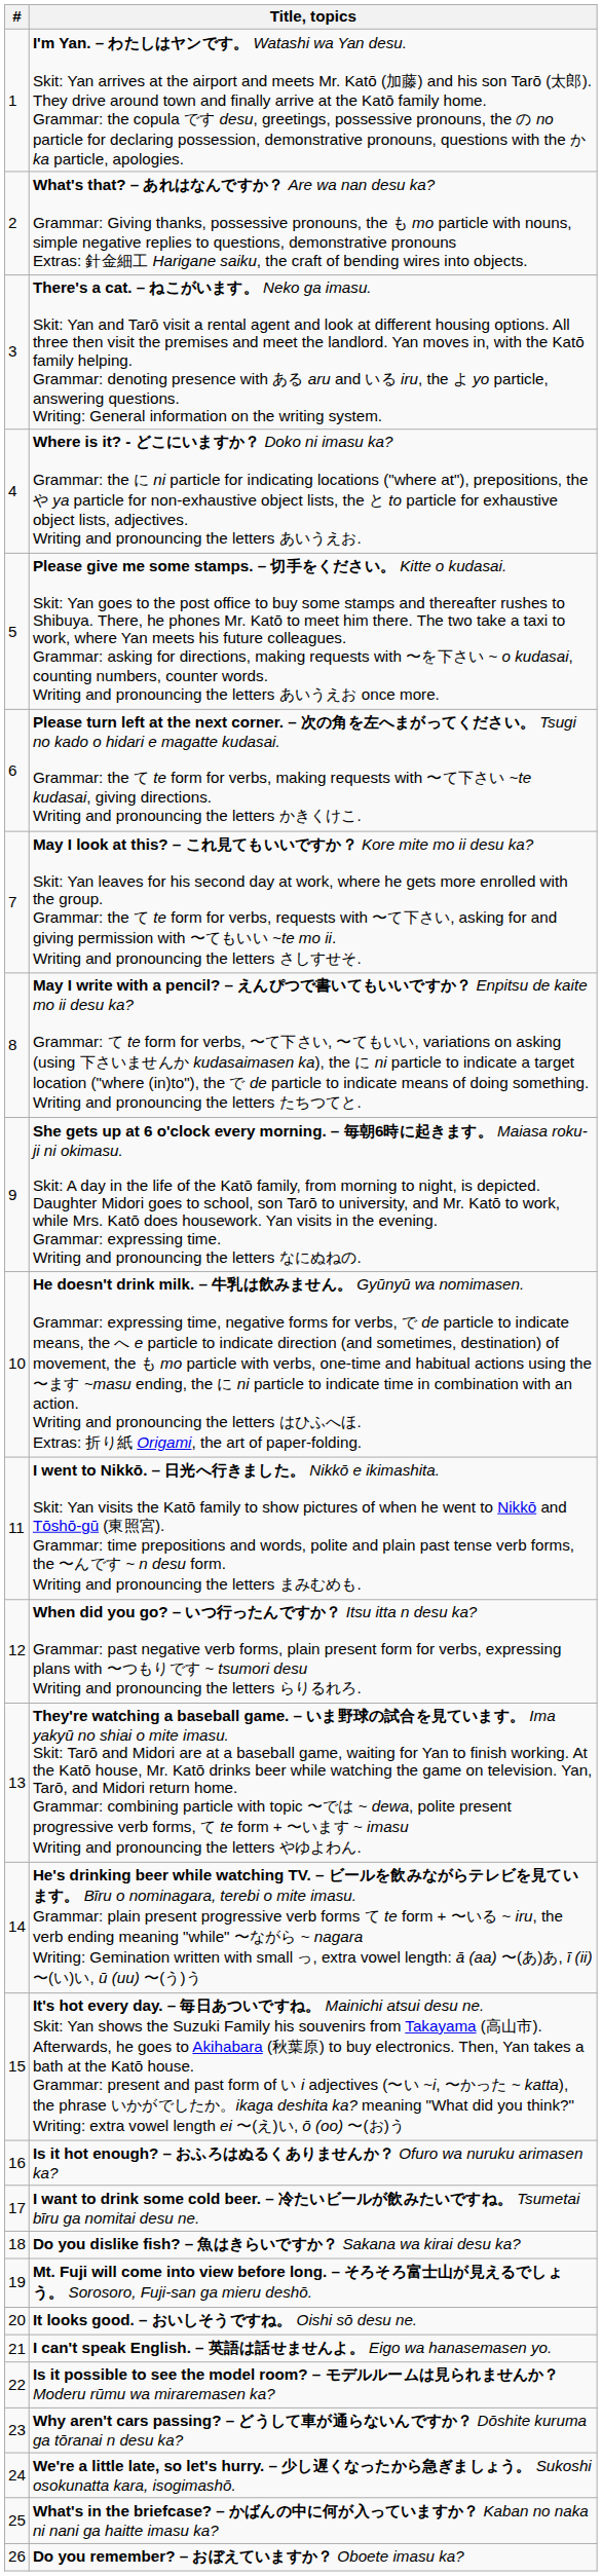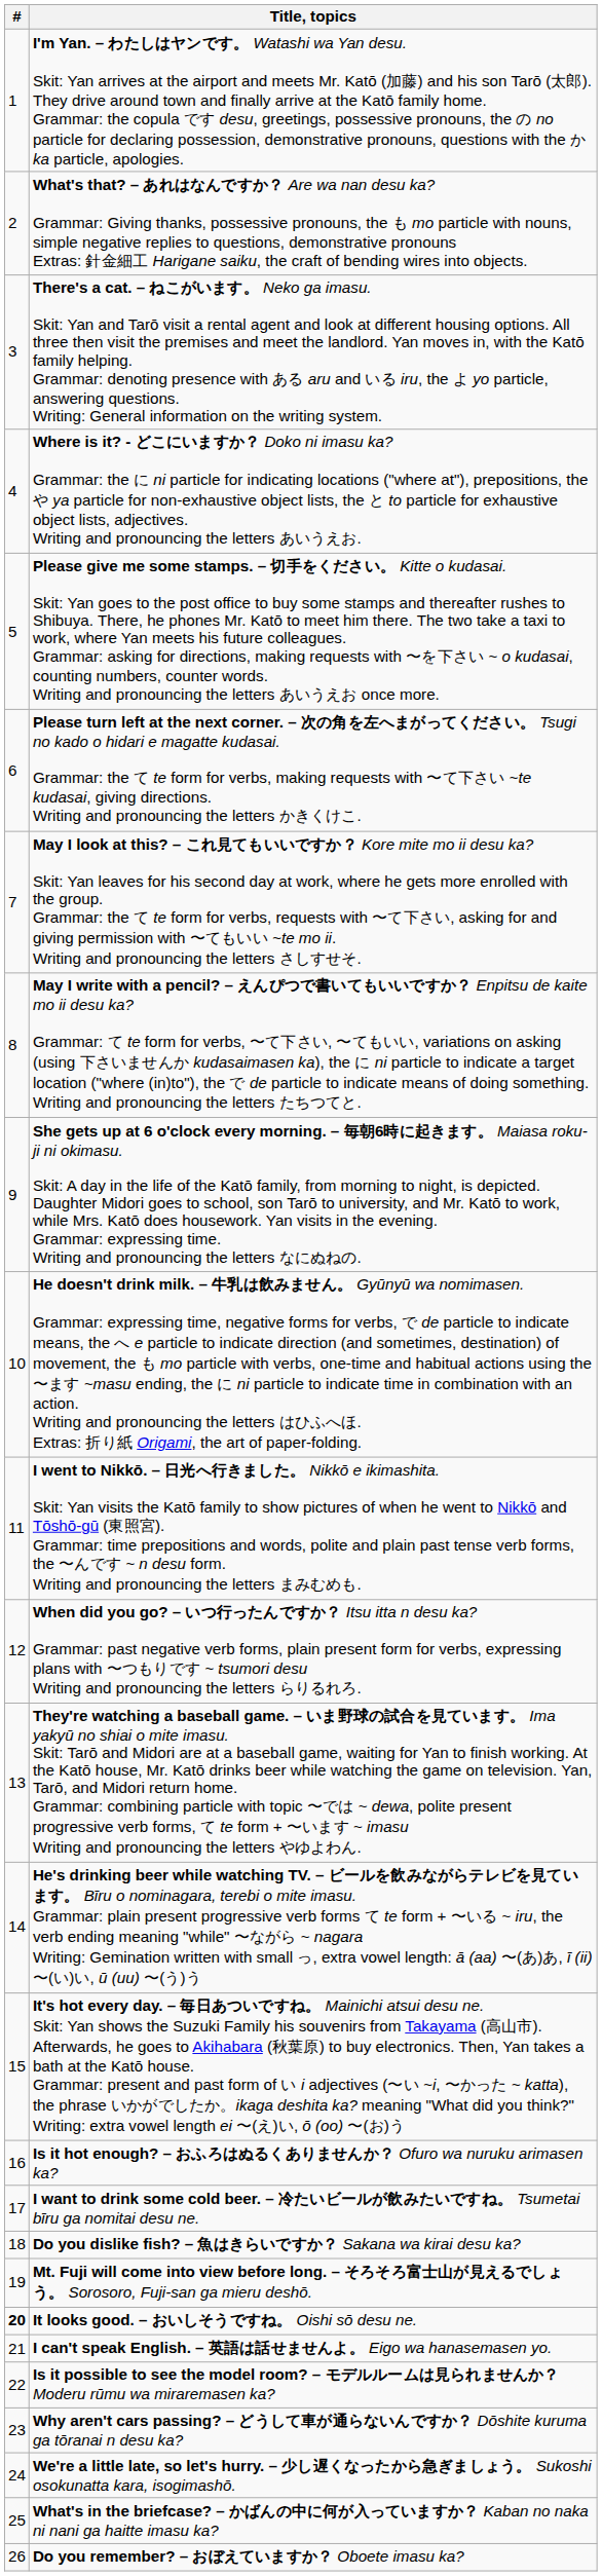 <table class="wikitable">
 <tr>
 <th>#</th>
 <th>Title, topics</th>
 </tr>
 <tr>
 <td>1</td>
 <td><strong>I'm Yan. – わたしはヤンです。</strong> <em>Watashi wa Yan desu.</em><br><br>Skit: Yan arrives at the airport and meets Mr. Katō (加藤) and his son Tarō (太郎). They drive around town and finally arrive at the Katō family home.<br> Grammar: the copula です <em>desu</em>, greetings, possessive pronouns, the の <em>no</em> particle for declaring possession, demonstrative pronouns, questions with the か <em>ka</em> particle, apologies.</td>
 </tr>
 <tr>
 <td>2</td>
 <td><strong>What's that? – あれはなんですか？</strong> <em>Are wa nan desu ka?</em><br><br>Grammar: Giving thanks, possessive pronouns, the も <em>mo</em> particle with nouns, simple negative replies to questions, demonstrative pronouns<br> Extras: 針金細工 <em>Harigane saiku</em>, the craft of bending wires into objects.</td>
 </tr>
 <tr>
 <td>3</td>
 <td><strong>There's a cat. – ねこがいます。</strong> <em>Neko ga imasu.</em><br><br>Skit: Yan and Tarō visit a rental agent and look at different housing options. All three then visit the premises and meet the landlord. Yan moves in, with the Katō family helping.<br> Grammar: denoting presence with ある <em>aru</em> and いる <em>iru</em>, the よ <em>yo</em> particle, answering questions.<br> Writing: General information on the writing system.</td>
 </tr>
 <tr>
 <td>4</td>
 <td><strong>Where is it? - どこにいますか？</strong> <em>Doko ni imasu ka?</em><br><br>Grammar: the に <em>ni</em> particle for indicating locations ("where at"), prepositions, the や <em>ya</em> particle for non-exhaustive object lists, the と <em>to</em> particle for exhaustive object lists, adjectives.<br> Writing and pronouncing the letters あいうえお.</td>
 </tr>
 <tr>
 <td>5</td>
 <td><strong>Please give me some stamps. – 切手をください。</strong> <em>Kitte o kudasai.</em><br><br>Skit: Yan goes to the post office to buy some stamps and thereafter rushes to Shibuya. There, he phones Mr. Katō to meet him there. The two take a taxi to work, where Yan meets his future colleagues.<br> Grammar: asking for directions, making requests with 〜を下さい <em>~ o kudasai</em>, counting numbers, counter words.<br> Writing and pronouncing the letters あいうえお once more.</td>
 </tr>
 <tr>
 <td>6</td>
 <td><strong>Please turn left at the next corner. – 次の角を左へまがってください。</strong> <em>Tsugi no kado o hidari e magatte kudasai.</em><br><br>Grammar: the て <em>te</em> form for verbs, making requests with 〜て下さい <em>~te kudasai</em>, giving directions.<br> Writing and pronouncing the letters かきくけこ.</td>
 </tr>
 <tr>
 <td>7</td>
 <td><strong>May I look at this? – これ見てもいいですか？</strong> <em>Kore mite mo ii desu ka?</em><br><br>Skit: Yan leaves for his second day at work, where he gets more enrolled with the group.<br> Grammar: the て <em>te</em> form for verbs, requests with 〜て下さい, asking for and giving permission with 〜てもいい <em>~te mo ii</em>.<br> Writing and pronouncing the letters さしすせそ.</td>
 </tr>
 <tr>
 <td>8</td>
 <td><strong>May I write with a pencil? – えんぴつで書いてもいいですか？</strong> <em>Enpitsu de kaite mo ii desu ka?</em><br><br>Grammar: て <em>te</em> form for verbs, 〜て下さい, 〜てもいい, variations on asking (using 下さいませんか <em>kudasaimasen ka</em>), the に <em>ni</em> particle to indicate a target location ("where (in)to"), the で <em>de</em> particle to indicate means of doing something.<br> Writing and pronouncing the letters たちつてと.</td>
 </tr>
 <tr>
 <td>9</td>
 <td><strong>She gets up at 6 o'clock every morning. – 毎朝6時に起きます。</strong> <em>Maiasa roku-ji ni okimasu.</em><br><br>Skit: A day in the life of the Katō family, from morning to night, is depicted. Daughter Midori goes to school, son Tarō to university, and Mr. Katō to work, while Mrs. Katō does housework. Yan visits in the evening.<br> Grammar: expressing time.<br> Writing and pronouncing the letters なにぬねの.</td>
 </tr>
 <tr>
 <td>10</td>
 <td><strong>He doesn't drink milk. – 牛乳は飲みません。</strong> <em>Gyūnyū wa nomimasen.</em><br><br>Grammar: expressing time, negative forms for verbs, で <em>de</em> particle to indicate means, the へ <em>e</em> particle to indicate direction (and sometimes, destination) of movement, the も <em>mo</em> particle with verbs, one-time and habitual actions using the 〜ます <em>~masu</em> ending, the に <em>ni</em> particle to indicate time in combination with an action.<br> Writing and pronouncing the letters はひふへほ.<br> Extras: 折り紙 <em><a href='#'>Origami</a></em>, the art of paper-folding.</td>
 </tr>
 <tr>
 <td>11</td>
 <td><strong>I went to Nikkō. – 日光へ行きました。</strong> <em>Nikkō e ikimashita.</em><br><br>Skit: Yan visits the Katō family to show pictures of when he went to <a href='#'>Nikkō</a> and <a href='#'>Tōshō-gū</a> (東照宮).<br> Grammar: time prepositions and words, polite and plain past tense verb forms, the 〜んです <em>~ n desu</em> form.<br> Writing and pronouncing the letters まみむめも.</td>
 </tr>
 <tr>
 <td>12</td>
 <td><strong>When did you go? – いつ行ったんですか？</strong> <em>Itsu itta n desu ka?</em><br><br>Grammar: past negative verb forms, plain present form for verbs, expressing plans with 〜つもりです <em>~ tsumori desu</em><br> Writing and pronouncing the letters らりるれろ.</td>
 </tr>
 <tr>
 <td>13</td>
 <td><strong>They're watching a baseball game. – いま野球の試合を見ています。</strong> <em>Ima yakyū no shiai o mite imasu.</em><br>Skit: Tarō and Midori are at a baseball game, waiting for Yan to finish working. At the Katō house, Mr. Katō drinks beer while watching the game on television. Yan, Tarō, and Midori return home.<br>Grammar: combining particle with topic 〜では ~ <em>dewa</em>, polite present progressive verb forms, て <em>te</em> form + 〜います ~ <em>imasu</em><br>Writing and pronouncing the letters やゆよわん.</td>
 </tr>
 <tr>
 <td>14</td>
 <td><strong>He's drinking beer while watching TV. – ビールを飲みながらテレビを見ています。</strong> <em>Bīru o nominagara, terebi o mite imasu.</em><br>Grammar: plain present progressive verb forms て <em>te</em> form + 〜いる ~ <em>iru</em>, the verb ending meaning "while" 〜ながら ~ <em>nagara</em><br>Writing: Gemination written with small っ, extra vowel length: <em>ā</em> <em>(aa)</em> 〜(あ)あ, <em>ī</em> <em>(ii)</em> 〜(い)い, <em>ū (uu)</em> 〜(う)う</td>
 </tr>
 <tr>
 <td>15</td>
 <td><strong>It's hot every day. – 毎日あついですね。</strong> <em>Mainichi atsui desu ne.</em><br>Skit: Yan shows the Suzuki Family his souvenirs from <a href='#'>Takayama</a> (高山市). Afterwards, he goes to <a href='#'>Akihabara</a> (秋葉原) to buy electronics. Then, Yan takes a bath at the Katō house.<br>Grammar: present and past form of い <em>i</em> adjectives (〜い <em>~i</em>, 〜かった <em>~ katta</em>), the phrase いかがでしたか。<em>ikaga deshita ka?</em> meaning "What did you think?" Writing: extra vowel length <em>ei</em> 〜(え)い,  <em>ō (oo)</em> 〜(お)う</td>
 </tr>
 <tr>
 <td>16</td>
 <td><strong>Is it hot enough? – おふろはぬるくありませんか？</strong> <em>Ofuro wa nuruku arimasen ka?</em></td>
 </tr>
 <tr>
 <td>17</td>
 <td><strong>I want to drink some cold beer. – 冷たいビールが飲みたいですね。</strong> <em>Tsumetai bīru ga nomitai desu ne.</em></td>
 </tr>
 <tr>
 <td>18</td>
 <td><strong>Do you dislike fish? – 魚はきらいですか？</strong> <em>Sakana wa kirai desu ka?</em></td>
 </tr>
 <tr>
 <td>19</td>
 <td><strong>Mt. Fuji will come into view before long. – そろそろ富士山が見えるでしょう。</strong> <em>Sorosoro, Fuji-san ga mieru deshō.</em></td>
 </tr>
 <tr>
-<td>20</td>
+<td><strong>20</strong></td>
 <td><strong>It looks good. – おいしそうですね。</strong> <em>Oishi sō desu ne.</em></td>
 </tr>
 <tr>
 <td>21</td>
 <td><strong>I can't speak English. – 英語は話せませんよ。</strong> <em>Eigo wa hanasemasen yo.</em></td>
 </tr>
 <tr>
 <td>22</td>
 <td><strong>Is it possible to see the model room? – モデルルームは見られませんか？</strong> <em>Moderu rūmu wa miraremasen ka?</em></td>
 </tr>
 <tr>
 <td>23</td>
 <td><strong>Why aren't cars passing? – どうして車が通らないんですか？</strong> <em>Dōshite kuruma ga tōranai n desu ka?</em></td>
 </tr>
 <tr>
 <td>24</td>
 <td><strong>We're a little late, so let's hurry. – 少し遅くなったから急ぎましょう。</strong> <em>Sukoshi osokunatta kara, isogimashō.</em></td>
 </tr>
 <tr>
 <td>25</td>
 <td><strong>What's in the briefcase? – かばんの中に何が入っていますか？</strong> <em>Kaban no naka ni nani ga haitte imasu ka?</em></td>
 </tr>
 <tr>
 <td>26</td>
 <td><strong>Do you remember? – おぼえていますか？</strong> <em>Oboete imasu ka?</em></td>
 </tr>
 </table>
